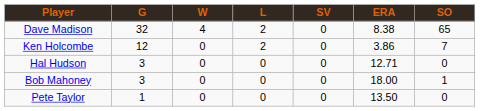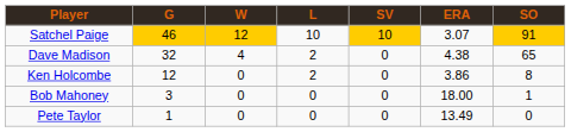 <table class="wikitable sortable">
 <tr>
 <th style="background:#312821;color:#de6108;" width="16%">Player</th>
 <th style="background:#312821;color:#de6108;" width="9%">G</th>
 <th style="background:#312821;color:#de6108;" width="9%">W</th>
 <th style="background:#312821;color:#de6108;" width="9%">L</th>
 <th style="background:#312821;color:#de6108;" width="9%">SV</th>
 <th style="background:#312821;color:#de6108;" width="9%">ERA</th>
 <th style="background:#312821;color:#de6108;" width="9%">SO</th>
 </tr>
+<tr align="center">
+<td><a href='#'>Satchel Paige</a></td>
+<td style="background:#fc0;">46</td>
+<td style="background:#fc0;">12</td>
+<td>10</td>
+<td style="background:#fc0;">10</td>
+<td>3.07</td>
+<td style="background:#fc0;">91</td>
+</tr>
 <tr align=center>
 <td><a href='#'>Dave Madison</a></td>
 <td>32</td>
 <td>4</td>
 <td>2</td>
 <td>0</td>
-<td>8.38</td>
+<td>4.38</td>
 <td>65</td>
 </tr>
 <tr align=center>
 <td><a href='#'>Ken Holcombe</a></td>
 <td>12</td>
 <td>0</td>
 <td>2</td>
 <td>0</td>
 <td>3.86</td>
-<td>7</td>
-</tr>
-<tr align=center>
-<td><a href='#'>Hal Hudson</a></td>
-<td>3</td>
-<td>0</td>
-<td>0</td>
-<td>0</td>
-<td>12.71</td>
-<td>0</td>
+<td>8</td>
 </tr>
 <tr align=center>
 <td><a href='#'>Bob Mahoney</a></td>
 <td>3</td>
 <td>0</td>
 <td>0</td>
 <td>0</td>
 <td>18.00</td>
 <td>1</td>
 </tr>
 <tr align=center>
 <td><a href='#'>Pete Taylor</a></td>
 <td>1</td>
 <td>0</td>
 <td>0</td>
 <td>0</td>
-<td>13.50</td>
+<td>13.49</td>
 <td>0</td>
 </tr>
 </table>
